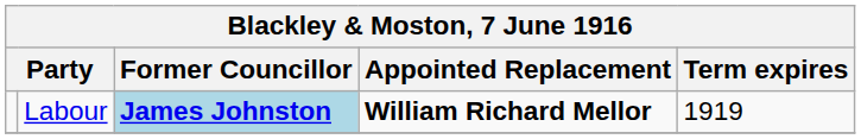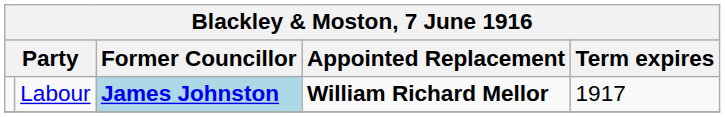 <table class="wikitable">
 <tr>
 <th colspan="5"><strong>Blackley & Moston, 7 June 1916</strong></th>
 </tr>
 <tr>
 <th colspan="2">Party</th>
 <th>Former Councillor</th>
 <th>Appointed Replacement</th>
 <th>Term expires</th>
 </tr>
 <tr>
 <td style="background-color:"></td>
 <td><a href='#'>Labour</a></td>
 <td style="background: lightblue;"><strong><a href='#'>James Johnston</a></strong></td>
 <td><strong>William Richard Mellor</strong></td>
-<td>1919</td>
+<td>1917</td>
 </tr>
 <tr>
 </tr>
 </table>
